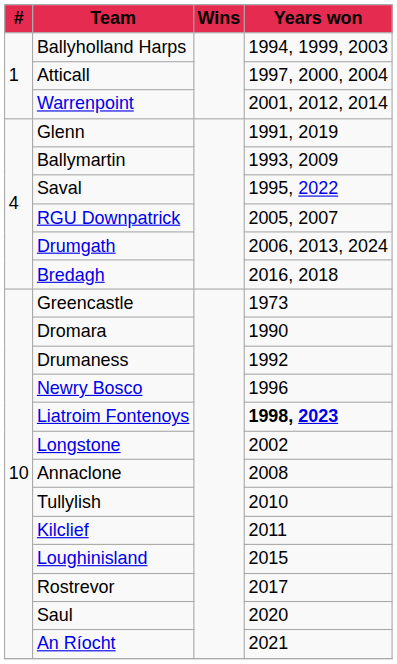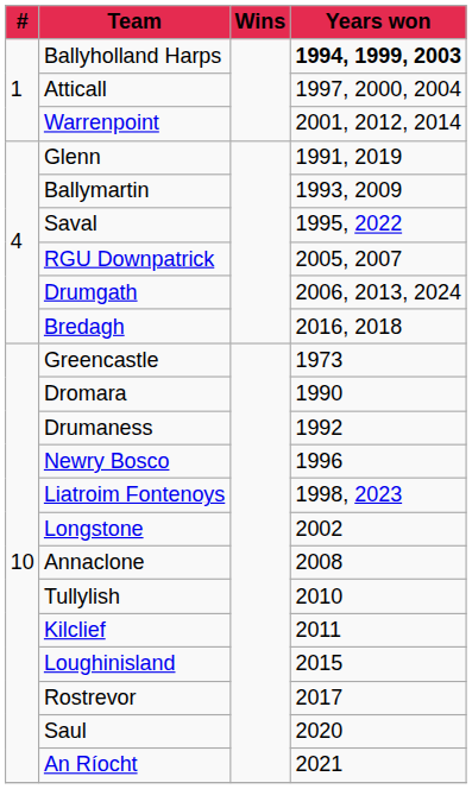 <table class="wikitable">
 <tr>
 <th style="background:#E52B50;color:black;">#</th>
 <th style="background:#E52B50;color:black;">Team</th>
 <th style="background:#E52B50;color:black;">Wins</th>
 <th style="background:#E52B50;color:black;">Years won</th>
 </tr>
 <tr>
 <td rowspan=3>1</td>
 <td> Ballyholland Harps</td>
 <td rowspan=3></td>
-<td>1994, 1999, 2003</td>
+<td><strong>1994, 1999, 2003</strong></td>
 </tr>
 <tr>
 <td> Atticall</td>
 <td>1997, 2000, 2004</td>
 </tr>
 <tr>
 <td> <a href='#'>Warrenpoint</a></td>
 <td>2001, 2012, 2014</td>
 </tr>
 <tr>
 <td rowspan=6>4</td>
 <td> Glenn</td>
 <td rowspan=6></td>
 <td>1991, 2019</td>
 </tr>
 <tr>
 <td> Ballymartin</td>
 <td>1993, 2009</td>
 </tr>
 <tr>
 <td> Saval</td>
 <td>1995, <a href='#'>2022</a></td>
 </tr>
 <tr>
 <td> <a href='#'>RGU Downpatrick</a></td>
 <td>2005, 2007</td>
 </tr>
 <tr>
 <td> <a href='#'>Drumgath</a></td>
 <td>2006, 2013, 2024</td>
 </tr>
 <tr>
 <td> <a href='#'>Bredagh</a></td>
 <td>2016, 2018</td>
 </tr>
 <tr>
 <td rowspan=13>10</td>
 <td>Greencastle</td>
 <td rowspan=13></td>
 <td>1973</td>
 </tr>
 <tr>
 <td> Dromara</td>
 <td>1990</td>
 </tr>
 <tr>
 <td> Drumaness</td>
 <td>1992</td>
 </tr>
 <tr>
 <td> <a href='#'>Newry Bosco</a></td>
 <td>1996</td>
 </tr>
 <tr>
 <td> <a href='#'>Liatroim Fontenoys</a></td>
-<td><strong>1998, <a href='#'> 2023</a></strong></td>
+<td>1998, <a href='#'> 2023</a></td>
 </tr>
 <tr>
 <td> <a href='#'>Longstone</a></td>
 <td>2002</td>
 </tr>
 <tr>
 <td> Annaclone</td>
 <td>2008</td>
 </tr>
 <tr>
 <td> Tullylish</td>
 <td>2010</td>
 </tr>
 <tr>
 <td> <a href='#'>Kilclief</a></td>
 <td>2011</td>
 </tr>
 <tr>
 <td> <a href='#'>Loughinisland</a></td>
 <td>2015</td>
 </tr>
 <tr>
 <td> Rostrevor</td>
 <td>2017</td>
 </tr>
 <tr>
 <td> Saul</td>
 <td>2020</td>
 </tr>
 <tr>
 <td> <a href='#'>An Ríocht</a></td>
 <td>2021</td>
 </tr>
 <tr>
 </tr>
 </table>
